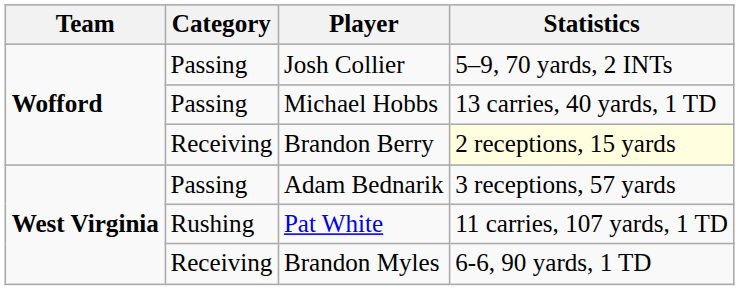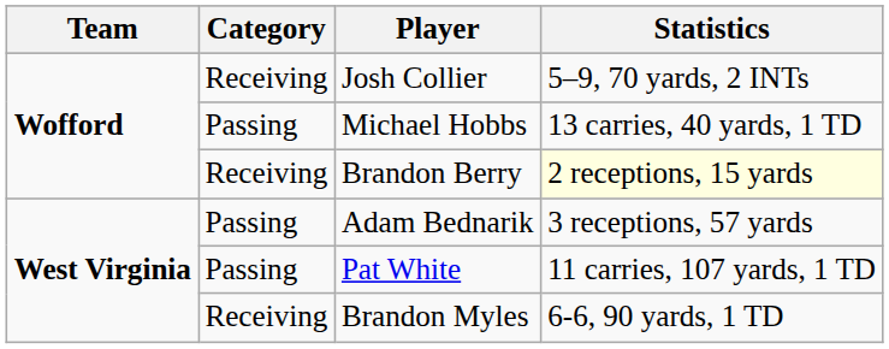 <table class="wikitable" style="float: right;">
 <tr>
 <th>Team</th>
 <th>Category</th>
 <th>Player</th>
 <th>Statistics</th>
 </tr>
 <tr>
 <td rowspan=3><strong>Wofford</strong></td>
-<td>Passing</td>
+<td>Receiving</td>
 <td>Josh Collier</td>
 <td>5–9, 70 yards, 2 INTs</td>
 </tr>
 <tr>
 <td>Passing</td>
 <td>Michael Hobbs</td>
 <td>13 carries, 40 yards, 1 TD</td>
 </tr>
 <tr>
 <td>Receiving</td>
 <td>Brandon Berry</td>
 <td style="background: lightyellow;">2 receptions, 15 yards</td>
 </tr>
 <tr>
 <td rowspan=3><strong>West Virginia</strong></td>
 <td>Passing</td>
 <td>Adam Bednarik</td>
 <td>3 receptions, 57 yards</td>
 </tr>
 <tr>
-<td>Rushing</td>
+<td>Passing</td>
 <td><a href='#'>Pat White</a></td>
 <td>11 carries, 107 yards, 1 TD</td>
 </tr>
 <tr>
 <td>Receiving</td>
 <td>Brandon Myles</td>
 <td>6-6, 90 yards, 1 TD</td>
 </tr>
 </table>
